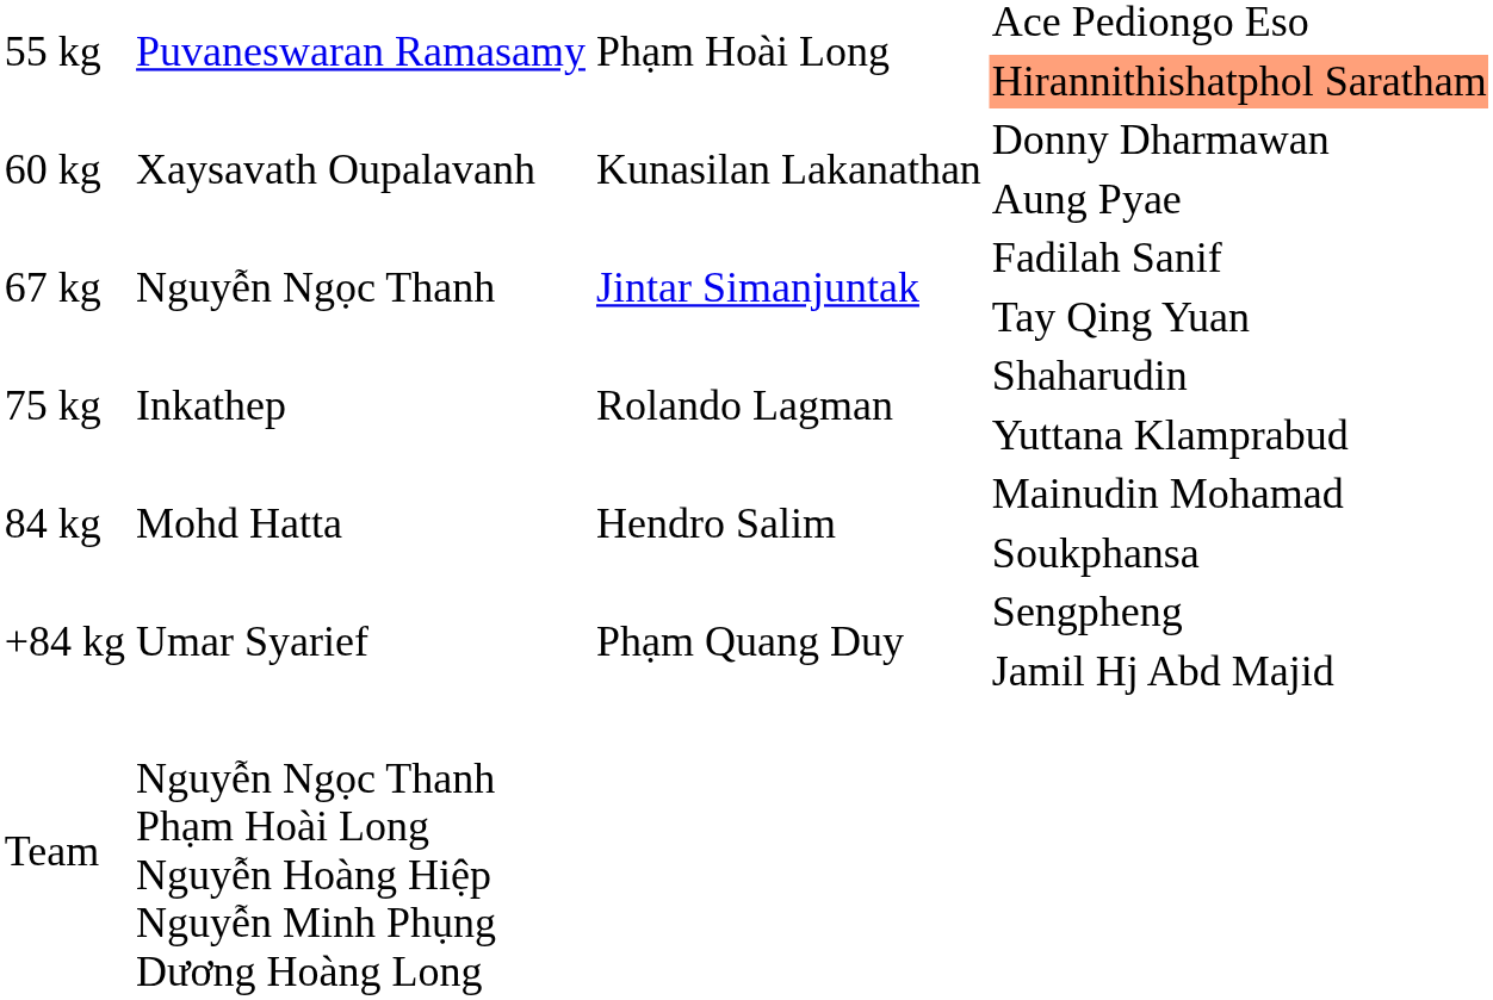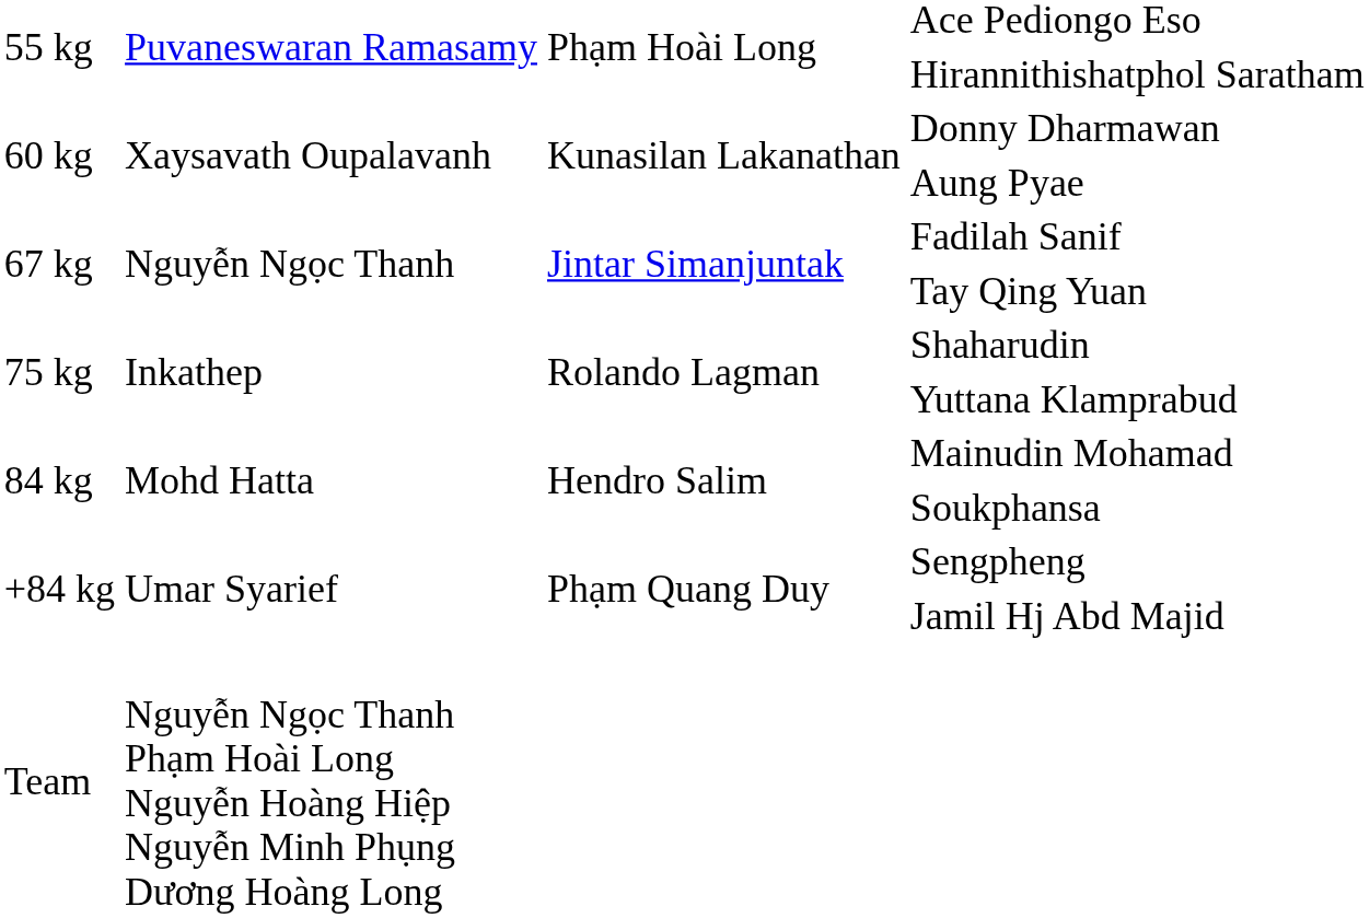 <table>
 <tr>
 <td rowspan=2>55 kg</td>
 <td rowspan=2><a href='#'>Puvaneswaran Ramasamy</a><br></td>
 <td rowspan=2>Phạm Hoài Long<br></td>
 <td>Ace Pediongo Eso<br></td>
 </tr>
 <tr>
-<td style="background: lightsalmon;">Hirannithishatphol  Saratham<br></td>
+<td>Hirannithishatphol  Saratham<br></td>
 </tr>
 <tr>
 <td rowspan=2>60 kg</td>
 <td rowspan=2>Xaysavath Oupalavanh<br></td>
 <td rowspan=2>Kunasilan Lakanathan<br></td>
 <td>Donny Dharmawan<br></td>
 </tr>
 <tr>
 <td>Aung Pyae<br></td>
 </tr>
 <tr>
 <td rowspan=2>67 kg</td>
 <td rowspan=2>Nguyễn Ngọc Thanh<br></td>
 <td rowspan=2><a href='#'>Jintar Simanjuntak</a><br></td>
 <td>Fadilah Sanif<br></td>
 </tr>
 <tr>
 <td>Tay Qing Yuan<br></td>
 </tr>
 <tr>
 <td rowspan=2>75 kg</td>
 <td rowspan=2>Inkathep<br></td>
 <td rowspan=2>Rolando Lagman<br></td>
 <td>Shaharudin<br></td>
 </tr>
 <tr>
 <td>Yuttana Klamprabud<br></td>
 </tr>
 <tr>
 <td rowspan=2>84 kg</td>
 <td rowspan=2>Mohd Hatta<br></td>
 <td rowspan=2>Hendro Salim<br></td>
 <td>Mainudin Mohamad<br></td>
 </tr>
 <tr>
 <td>Soukphansa<br></td>
 </tr>
 <tr>
 <td rowspan=2>+84 kg</td>
 <td rowspan=2>Umar Syarief<br></td>
 <td rowspan=2>Phạm Quang Duy<br></td>
 <td>Sengpheng<br></td>
 </tr>
 <tr>
 <td>Jamil Hj Abd Majid<br></td>
 </tr>
 <tr>
 <td rowspan=2>Team</td>
 <td rowspan=2><br>Nguyễn Ngọc Thanh<br>Phạm Hoài Long<br>Nguyễn Hoàng Hiệp<br>Nguyễn Minh Phụng<br>Dương Hoàng Long</td>
 <td rowspan=2></td>
 <td></td>
 </tr>
 <tr>
 <td></td>
 </tr>
 </table>
